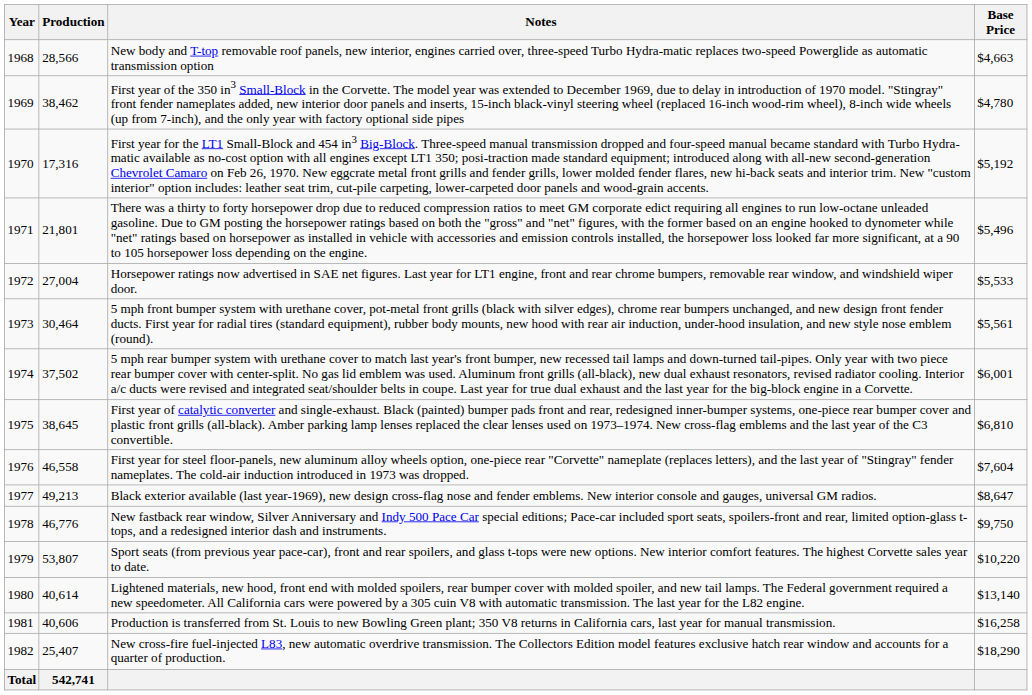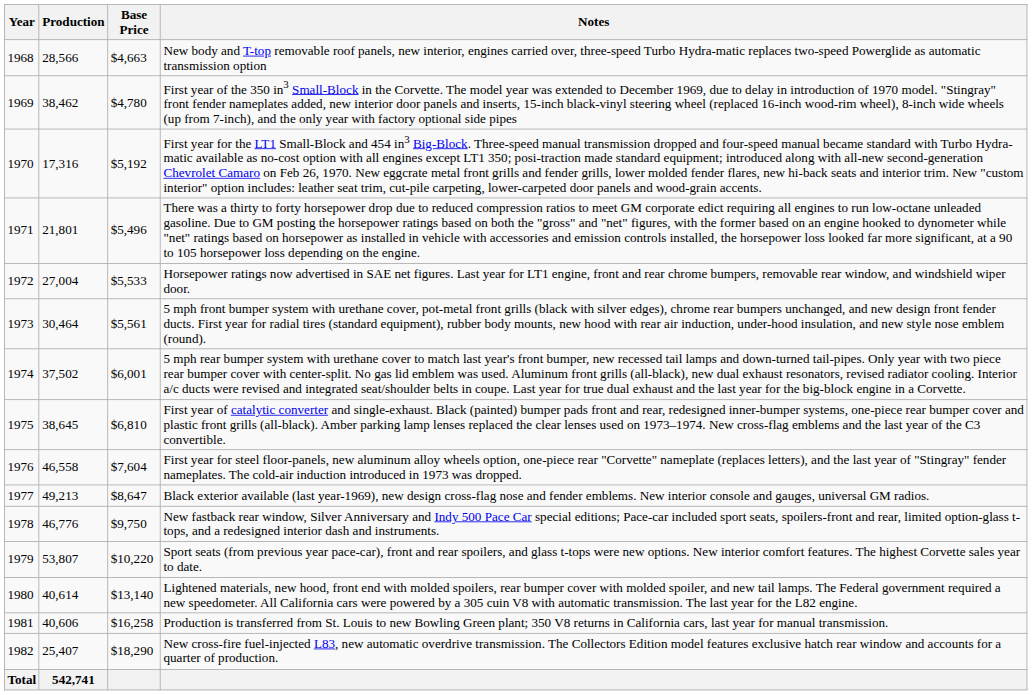 <table class="wikitable defaultcenter col4left">
 <tr>
 <th>Year</th>
 <th>Production</th>
+<th>Base Price</th>
 <th>Notes</th>
-<th>Base Price</th>
 </tr>
 <tr>
 <td>1968</td>
 <td>28,566</td>
+<td>$4,663</td>
 <td>New body and <a href='#'>T-top</a> removable roof panels, new interior, engines carried over, three-speed Turbo Hydra-matic replaces two-speed Powerglide as automatic transmission option</td>
-<td>$4,663</td>
 </tr>
 <tr>
 <td>1969</td>
 <td>38,462</td>
+<td>$4,780</td>
 <td>First year of the 350 in<sup>3</sup> <a href='#'>Small-Block</a> in the Corvette. The model year was extended to December 1969, due to delay in introduction of 1970 model. "Stingray" front fender nameplates added, new interior door panels and inserts, 15-inch black-vinyl steering wheel (replaced 16-inch wood-rim wheel), 8-inch wide wheels (up from 7-inch), and the only year with factory optional side pipes</td>
-<td>$4,780</td>
 </tr>
 <tr>
 <td>1970</td>
 <td>17,316</td>
+<td>$5,192</td>
 <td>First year for the <a href='#'>LT1</a> Small-Block and 454 in<sup>3</sup> <a href='#'>Big-Block</a>. Three-speed manual transmission dropped and four-speed manual became standard with Turbo Hydra-matic available as no-cost option with all engines except LT1 350; posi-traction made standard equipment; introduced along with all-new second-generation <a href='#'>Chevrolet Camaro</a> on Feb 26, 1970. New eggcrate metal front grills and fender grills, lower molded fender flares, new hi-back seats and interior trim. New "custom interior" option includes: leather seat trim, cut-pile carpeting, lower-carpeted door panels and wood-grain accents.</td>
-<td>$5,192</td>
 </tr>
 <tr>
 <td>1971</td>
 <td>21,801</td>
+<td>$5,496</td>
 <td>There was a thirty to forty horsepower drop due to reduced compression ratios to meet GM corporate edict requiring all engines to run low-octane unleaded gasoline. Due to GM posting the horsepower ratings based on both the "gross" and "net" figures, with the former based on an engine hooked to dynometer while "net" ratings based on horsepower as installed in vehicle with accessories and emission controls installed, the horsepower loss looked far more significant, at a 90 to 105 horsepower loss depending on the engine.</td>
-<td>$5,496</td>
 </tr>
 <tr>
 <td>1972</td>
 <td>27,004</td>
+<td>$5,533</td>
 <td>Horsepower ratings now advertised in SAE net figures. Last year for LT1 engine, front and rear chrome bumpers, removable rear window, and windshield wiper door.</td>
-<td>$5,533</td>
 </tr>
 <tr>
 <td>1973</td>
 <td>30,464</td>
+<td>$5,561</td>
 <td>5 mph front bumper system with urethane cover, pot-metal front grills (black with silver edges), chrome rear bumpers unchanged, and new design front fender ducts. First year for radial tires (standard equipment), rubber body mounts, new hood with rear air induction, under-hood insulation, and new style nose emblem (round).</td>
-<td>$5,561</td>
 </tr>
 <tr>
 <td>1974</td>
 <td>37,502</td>
+<td>$6,001</td>
 <td>5 mph rear bumper system with urethane cover to match last year's front bumper, new recessed tail lamps and down-turned tail-pipes. Only year with two piece rear bumper cover with center-split. No gas lid emblem was used. Aluminum front grills (all-black), new dual exhaust resonators, revised radiator cooling. Interior a/c ducts were revised and integrated seat/shoulder belts in coupe. Last year for true dual exhaust and the last year for the big-block engine in a Corvette.</td>
-<td>$6,001</td>
 </tr>
 <tr>
 <td>1975</td>
 <td>38,645</td>
+<td>$6,810</td>
 <td>First year of <a href='#'>catalytic converter</a> and single-exhaust. Black (painted) bumper pads front and rear, redesigned inner-bumper systems, one-piece rear bumper cover and plastic front grills (all-black). Amber parking lamp lenses replaced the clear lenses used on 1973–1974. New cross-flag emblems and the last year of the C3 convertible.</td>
-<td>$6,810</td>
 </tr>
 <tr>
 <td>1976</td>
 <td>46,558</td>
+<td>$7,604</td>
 <td>First year for steel floor-panels, new  aluminum alloy wheels option, one-piece rear "Corvette" nameplate (replaces letters), and the last year of "Stingray" fender nameplates. The cold-air induction introduced in 1973 was dropped.</td>
-<td>$7,604</td>
 </tr>
 <tr>
 <td>1977</td>
 <td>49,213</td>
+<td>$8,647</td>
 <td>Black exterior available (last year-1969), new design cross-flag nose and fender emblems. New interior console and gauges, universal GM radios.</td>
-<td>$8,647</td>
 </tr>
 <tr>
 <td>1978</td>
 <td>46,776</td>
+<td>$9,750</td>
 <td>New fastback rear window, Silver Anniversary and <a href='#'>Indy 500 Pace Car</a> special editions; Pace-car included sport seats, spoilers-front and rear, limited option-glass t-tops, and a redesigned interior dash and instruments.</td>
-<td>$9,750</td>
 </tr>
 <tr>
 <td>1979</td>
 <td>53,807</td>
+<td>$10,220</td>
 <td>Sport seats (from previous year pace-car), front and rear spoilers, and glass t-tops were new options. New interior comfort features. The highest Corvette sales year to date.</td>
-<td>$10,220</td>
 </tr>
 <tr>
 <td>1980</td>
 <td>40,614</td>
+<td>$13,140</td>
 <td>Lightened materials, new hood, front end with molded spoilers, rear bumper cover with molded spoiler, and new tail lamps. The Federal government required a new  speedometer. All California cars were powered by a 305 cuin V8 with automatic transmission. The last year for the L82 engine.</td>
-<td>$13,140</td>
 </tr>
 <tr>
 <td>1981</td>
 <td>40,606</td>
+<td>$16,258</td>
 <td>Production is transferred from St. Louis to new Bowling Green plant; 350 V8 returns in California cars, last year for manual transmission.</td>
-<td>$16,258</td>
 </tr>
 <tr>
 <td>1982</td>
 <td>25,407</td>
+<td>$18,290</td>
 <td>New cross-fire fuel-injected <a href='#'>L83</a>, new automatic overdrive transmission. The Collectors Edition model features exclusive hatch rear window and accounts for a quarter of production.</td>
-<td>$18,290</td>
 </tr>
 <tr>
 <th>Total</th>
 <th>542,741</th>
 <th></th>
 <th></th>
 </tr>
 </table>
